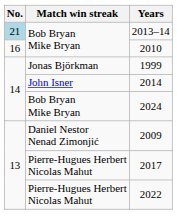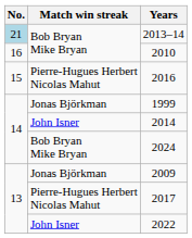 <table class="wikitable nowrap" style="text-align:center; display:inline-table">
 <tr>
 <th scope="col" style="width:20">No.</th>
 <th scope="col">Match win streak</th>
 <th scope="col">Years</th>
 </tr>
 <tr>
 <td style="background: lightblue;">21</td>
 <td rowspan="2" style="text-align: left;"> Bob Bryan<br> Mike Bryan</td>
 <td>2013–14</td>
 </tr>
 <tr>
 <td>16</td>
 <td>2010</td>
 </tr>
 <tr>
+<td>15</td>
+<td style="text-align: left;"> Pierre-Hugues Herbert<br> Nicolas Mahut</td>
+<td>2016</td>
+</tr>
+<tr>
 <td rowspan="3">14</td>
 <td style="text-align: left;"> Jonas Björkman</td>
 <td>1999</td>
 </tr>
 <tr>
 <td style="text-align: left;"> <a href='#'>John Isner</a></td>
 <td>2014</td>
 </tr>
 <tr>
 <td style="text-align: left;"> Bob Bryan<br> Mike Bryan</td>
 <td>2024</td>
 </tr>
 <tr>
 <td rowspan=3>13</td>
-<td style="text-align: left;"> Daniel Nestor <br> Nenad Zimonjić</td>
+<td style="text-align: left;"> Jonas Björkman</td>
 <td>2009</td>
 </tr>
 <tr>
 <td style="text-align: left;"> Pierre-Hugues Herbert <br> Nicolas Mahut</td>
 <td>2017</td>
 </tr>
 <tr>
-<td style="text-align: left;"> Pierre-Hugues Herbert<br> Nicolas Mahut</td>
+<td style="text-align: left;"> <a href='#'>John Isner</a></td>
 <td>2022</td>
 </tr>
 </table>
